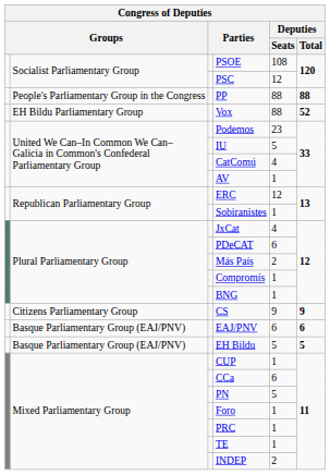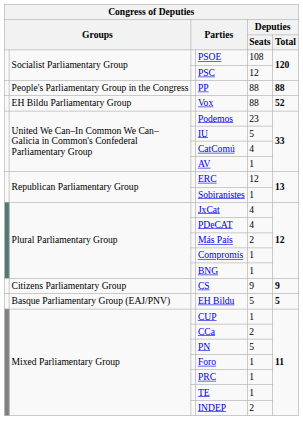 <table class="wikitable" style="text-align:left;">
 <tr>
 <th colspan="6">Congress of Deputies</th>
 </tr>
 <tr>
 <th rowspan="2" colspan="2">Groups</th>
 <th rowspan="2" colspan="2">Parties</th>
 <th colspan="2">Deputies</th>
 </tr>
 <tr>
 <th>Seats</th>
 <th>Total</th>
 </tr>
 <tr>
 <td width="1" rowspan="2"></td>
 <td rowspan="2">Socialist Parliamentary Group</td>
 <td width="1" style="color:inherit;background:"></td>
 <td><a href='#'>PSOE</a></td>
 <td>108</td>
 <td rowspan="2"><strong>120</strong></td>
 </tr>
 <tr>
 <td style="color:inherit;background:"></td>
 <td><a href='#'>PSC</a></td>
 <td>12</td>
 </tr>
 <tr>
 <td style="color:inherit;background:"></td>
 <td>People's Parliamentary Group in the Congress</td>
 <td style="color:inherit;background:"></td>
 <td><a href='#'>PP</a></td>
 <td>88</td>
 <td><strong>88</strong></td>
 </tr>
 <tr>
 <td style="color:inherit;background:"></td>
 <td>EH Bildu Parliamentary Group</td>
 <td style="color:inherit;background:"></td>
 <td><a href='#'>Vox</a></td>
 <td>88</td>
 <td><strong>52</strong></td>
 </tr>
 <tr>
 <td rowspan="4" style="color:inherit;background:"></td>
 <td rowspan="4">United We Can–In Common We Can–<br>Galicia in Common's Confederal<br>Parliamentary Group</td>
 <td style="color:inherit;background:"></td>
 <td><a href='#'>Podemos</a></td>
 <td>23</td>
 <td rowspan="4"><strong>33</strong></td>
 </tr>
 <tr>
 <td style="color:inherit;background:"></td>
 <td><a href='#'>IU</a></td>
 <td>5</td>
 </tr>
 <tr>
 <td style="color:inherit;background:"></td>
 <td><a href='#'>CatComú</a></td>
 <td>4</td>
 </tr>
 <tr>
 <td style="color:inherit;background:"></td>
 <td><a href='#'>AV</a></td>
 <td>1</td>
 </tr>
 <tr>
 <td rowspan="2" style="color:inherit;background:"></td>
 <td rowspan="2">Republican Parliamentary Group</td>
 <td style="color:inherit;background:"></td>
 <td><a href='#'>ERC</a></td>
 <td>12</td>
 <td rowspan="2"><strong>13</strong></td>
 </tr>
 <tr>
 <td style="color:inherit;background:"></td>
 <td><a href='#'>Sobiranistes</a></td>
 <td>1</td>
 </tr>
 <tr>
 <td rowspan="5" bgcolor="#4E7972"></td>
 <td rowspan="5">Plural Parliamentary Group</td>
 <td style="color:inherit;background:"></td>
 <td><a href='#'>JxCat</a></td>
 <td>4</td>
 <td rowspan="5"><strong>12</strong></td>
 </tr>
 <tr>
 <td style="color:inherit;background:"></td>
 <td><a href='#'>PDeCAT</a></td>
-<td>6</td>
+<td>4</td>
 </tr>
 <tr>
 <td style="color:inherit;background:"></td>
 <td><a href='#'>Más País</a></td>
 <td>2</td>
 </tr>
 <tr>
 <td style="color:inherit;background:"></td>
 <td><a href='#'>Compromís</a></td>
 <td>1</td>
 </tr>
 <tr>
 <td style="color:inherit;background:"></td>
 <td><a href='#'>BNG</a></td>
 <td>1</td>
 </tr>
 <tr>
 <td style="color:inherit;background:"></td>
 <td>Citizens Parliamentary Group</td>
 <td style="color:inherit;background:"></td>
 <td><a href='#'>CS</a></td>
 <td>9</td>
 <td><strong>9</strong></td>
 </tr>
 <tr>
 <td style="color:inherit;background:"></td>
 <td>Basque Parliamentary Group (EAJ/PNV)</td>
 <td style="color:inherit;background:"></td>
-<td><a href='#'>EAJ/PNV</a></td>
-<td>6</td>
-<td><strong>6</strong></td>
-</tr>
-<tr>
-<td style="color:inherit;background:"></td>
-<td>Basque Parliamentary Group (EAJ/PNV)</td>
-<td style="color:inherit;background:"></td>
 <td><a href='#'>EH Bildu</a></td>
 <td>5</td>
 <td><strong>5</strong></td>
 </tr>
 <tr>
 <td rowspan="7" bgcolor="gray"></td>
 <td rowspan="7">Mixed Parliamentary Group</td>
 <td style="color:inherit;background:"></td>
 <td><a href='#'>CUP</a></td>
 <td>1</td>
 <td rowspan="7"><strong>11</strong></td>
 </tr>
 <tr>
 <td style="color:inherit;background:"></td>
 <td><a href='#'>CCa</a></td>
-<td>6</td>
+<td>2</td>
 </tr>
 <tr>
 <td style="color:inherit;background:"></td>
 <td><a href='#'>PN</a></td>
 <td>5</td>
 </tr>
 <tr>
 <td style="color:inherit;background:"></td>
 <td><a href='#'>Foro</a></td>
 <td>1</td>
 </tr>
 <tr>
 <td style="color:inherit;background:"></td>
 <td><a href='#'>PRC</a></td>
 <td>1</td>
 </tr>
 <tr>
 <td style="color:inherit;background:"></td>
 <td><a href='#'>TE</a></td>
 <td>1</td>
 </tr>
 <tr>
 <td style="color:inherit;background:"></td>
 <td><a href='#'>INDEP</a></td>
 <td>2</td>
 </tr>
 </table>
